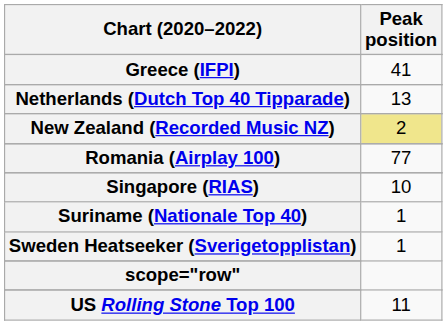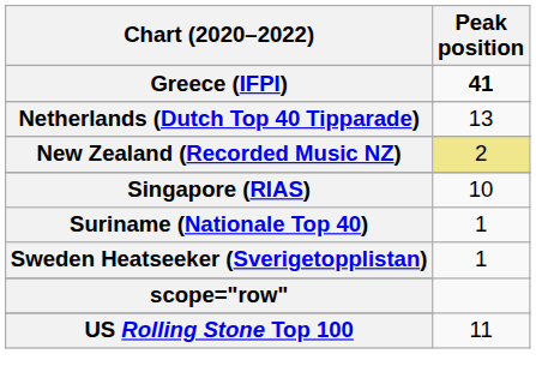 <table class="wikitable sortable plainrowheaders" style="text-align:center">
 <tr>
 <th scope="col">Chart (2020–2022)</th>
 <th scope="col">Peak<br>position</th>
 </tr>
 <tr>
 </tr>
 <tr>
 </tr>
 <tr>
 </tr>
 <tr>
 </tr>
 <tr>
 <th scope="row">Greece (<a href='#'>IFPI</a>)</th>
-<td>41</td>
+<td><strong>41</strong></td>
 </tr>
 <tr>
 </tr>
 <tr>
 <th scope="row">Netherlands (<a href='#'>Dutch Top 40 Tipparade</a>)</th>
 <td>13</td>
 </tr>
 <tr>
 </tr>
 <tr>
 <th scope="row">New Zealand (<a href='#'>Recorded Music NZ</a>)</th>
 <td style="background: khaki;">2</td>
 </tr>
 <tr>
-</tr>
-<tr>
-<th scope="row">Romania (<a href='#'>Airplay 100</a>)</th>
-<td>77</td>
 </tr>
 <tr>
 </tr>
 <tr>
 <th scope="row">Singapore (<a href='#'>RIAS</a>)</th>
 <td>10</td>
 </tr>
 <tr>
 <th scope="row">Suriname (<a href='#'>Nationale Top 40</a>)</th>
 <td>1</td>
 </tr>
 <tr>
 <th scope="row">Sweden Heatseeker (<a href='#'>Sverigetopplistan</a>)</th>
 <td>1</td>
 </tr>
 <tr>
 </tr>
 <tr>
 </tr>
 <tr>
 </tr>
 <tr>
 </tr>
 <tr>
 </tr>
 <tr>
 </tr>
 <tr>
 </tr>
 <tr>
 <th>scope="row"</th>
 </tr>
 <tr>
 </tr>
 <tr>
 </tr>
 <tr>
 </tr>
 <tr>
 </tr>
 <tr>
 <th scope="row">US <a href='#'><em>Rolling Stone</em> Top 100</a></th>
 <td>11</td>
 </tr>
 </table>
